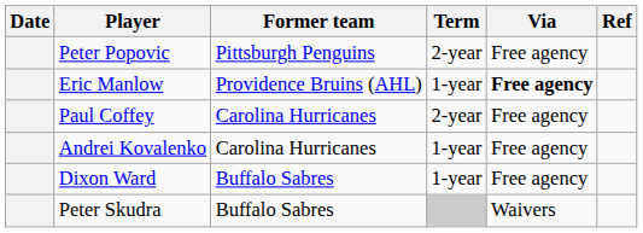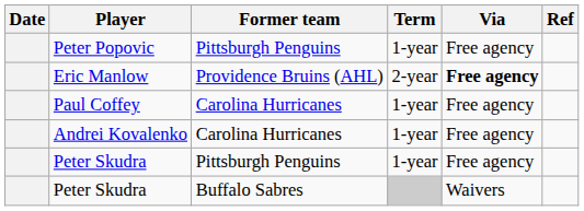 <table class="wikitable plainrowheaders">
 <tr style="background:#ddd; text-align:center;">
 <th>Date</th>
 <th>Player</th>
 <th>Former team</th>
 <th>Term</th>
 <th>Via</th>
 <th>Ref</th>
 </tr>
 <tr>
 <th scope="row"></th>
 <td><a href='#'>Peter Popovic</a></td>
 <td><a href='#'>Pittsburgh Penguins</a></td>
-<td>2-year</td>
+<td>1-year</td>
 <td>Free agency</td>
 <td></td>
 </tr>
 <tr>
 <th scope="row"></th>
 <td><a href='#'>Eric Manlow</a></td>
 <td><a href='#'>Providence Bruins</a> (<a href='#'>AHL</a>)</td>
-<td>1-year</td>
+<td>2-year</td>
 <td><strong>Free agency</strong></td>
 <td></td>
 </tr>
 <tr>
 <th scope="row"></th>
 <td><a href='#'>Paul Coffey</a></td>
 <td><a href='#'>Carolina Hurricanes</a></td>
-<td>2-year</td>
+<td>1-year</td>
 <td>Free agency</td>
 <td></td>
 </tr>
 <tr>
 <th scope="row"></th>
 <td><a href='#'>Andrei Kovalenko</a></td>
 <td>Carolina Hurricanes</td>
 <td>1-year</td>
 <td>Free agency</td>
 <td></td>
 </tr>
 <tr>
 <th scope="row"></th>
-<td><a href='#'>Dixon Ward</a></td>
-<td><a href='#'>Buffalo Sabres</a></td>
+<td><a href='#'>Peter Skudra</a></td>
+<td>Pittsburgh Penguins</td>
 <td>1-year</td>
 <td>Free agency</td>
 <td></td>
 </tr>
 <tr>
 <th scope="row"></th>
 <td>Peter Skudra</td>
 <td>Buffalo Sabres</td>
 <td style="background:#ccc"></td>
 <td>Waivers</td>
 <td></td>
 </tr>
 </table>
